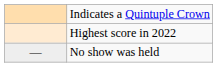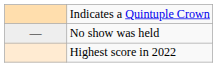 <table class="wikitable">
 <tr>
 <td width="75px" style="background: #ffdead;"></td>
 <td>Indicates a <a href='#'>Quintuple Crown</a></td>
 </tr>
 <tr>
+<td width="75px" style="background:#eee;" align="center">—</td>
+<td>No show was held</td>
+</tr>
+<tr>
 <td width="75px" style="background: #ffebd2;"></td>
 <td>Highest score in 2022</td>
 </tr>
-<tr>
-<td width="75px" style="background:#eee;" align="center">—</td>
-<td>No show was held</td>
-</tr>
 </table>
